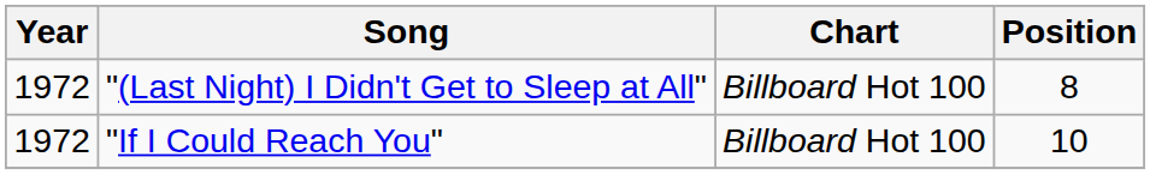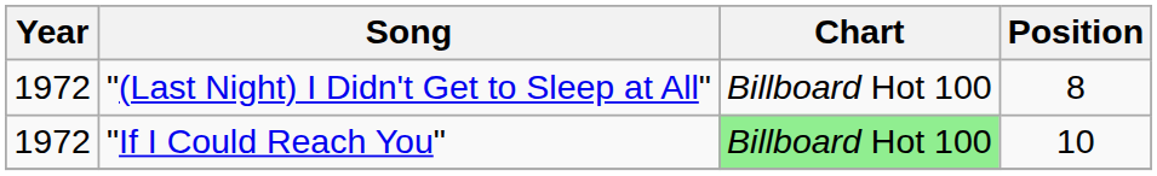 <table class="wikitable">
 <tr>
 <th>Year</th>
 <th>Song</th>
 <th>Chart</th>
 <th>Position</th>
 </tr>
 <tr>
 <td>1972</td>
 <td>"<a href='#'>(Last Night) I Didn't Get to Sleep at All</a>"</td>
 <td><em>Billboard</em> Hot 100</td>
 <td align="center">8</td>
 </tr>
 <tr>
 <td>1972</td>
 <td>"<a href='#'>If I Could Reach You</a>"</td>
-<td><em>Billboard</em> Hot 100</td>
+<td style="background: lightgreen;"><em>Billboard</em> Hot 100</td>
 <td align="center">10</td>
 </tr>
 <tr>
 </tr>
 </table>
